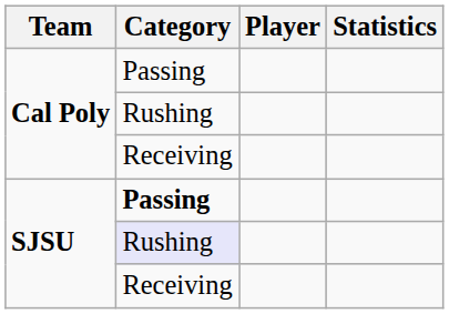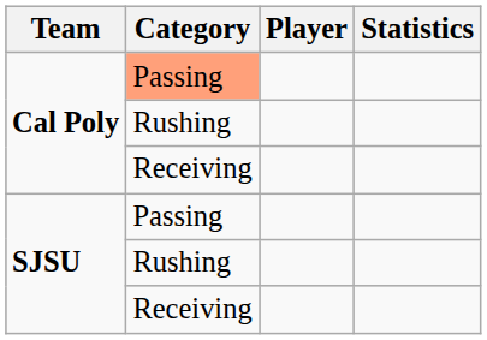 <table class="wikitable" style="float: right;">
 <tr>
 <th>Team</th>
 <th>Category</th>
 <th>Player</th>
 <th>Statistics</th>
 </tr>
 <tr>
 <td rowspan=3><strong>Cal Poly</strong></td>
-<td>Passing</td>
+<td style="background: lightsalmon;">Passing</td>
 <td></td>
 <td></td>
 </tr>
 <tr>
 <td>Rushing</td>
 <td></td>
 <td></td>
 </tr>
 <tr>
 <td>Receiving</td>
 <td></td>
 <td></td>
 </tr>
 <tr>
 <td rowspan=3><strong>SJSU</strong></td>
-<td><strong>Passing</strong></td>
+<td>Passing</td>
 <td></td>
 <td></td>
 </tr>
 <tr>
-<td style="background: lavender;">Rushing</td>
+<td>Rushing</td>
 <td></td>
 <td></td>
 </tr>
 <tr>
 <td>Receiving</td>
 <td></td>
 <td></td>
 </tr>
 </table>
